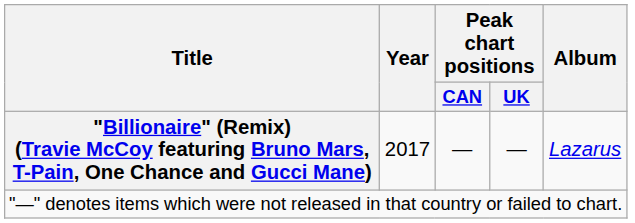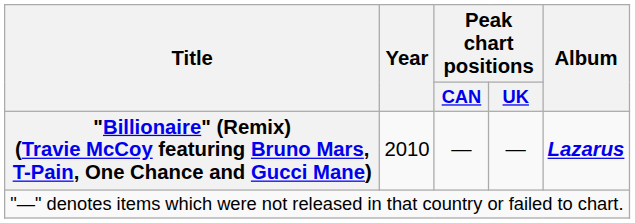 <table class="wikitable plainrowheaders" style="text-align:center;">
 <tr>
 <th scope="col" rowspan="2" style="width:18em;">Title</th>
 <th scope="col" rowspan="2">Year</th>
 <th scope="col" colspan="2">Peak chart positions</th>
 <th scope="col" rowspan="2">Album</th>
 </tr>
 <tr>
 <th scope="col" style="width:2.5em;font-size:90%;"><a href='#'>CAN</a></th>
 <th scope="col" style="width:2.5em;font-size:90%;"><a href='#'>UK</a></th>
 </tr>
 <tr>
 <th scope="row">"<a href='#'>Billionaire</a>" (Remix)<br><span>(<a href='#'>Travie McCoy</a> featuring <a href='#'>Bruno Mars</a>, <a href='#'>T-Pain</a>, One Chance and <a href='#'>Gucci Mane</a>)</span></th>
-<td>2017</td>
+<td>2010</td>
 <td>—</td>
 <td>—</td>
-<td><em><a href='#'>Lazarus</a></em></td>
+<td><strong><em><a href='#'>Lazarus</a></em></strong></td>
 </tr>
 <tr>
 <td colspan="14" style="font-size:90%">"—" denotes items which were not released in that country or failed to chart.</td>
 </tr>
 </table>
